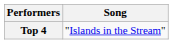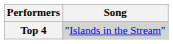 <table class="wikitable unsortable" style="text-align:center;">
 <tr>
 <th scope="col">Performers</th>
 <th scope="col">Song</th>
 </tr>
 <tr>
 <th scope="row">Top 4</th>
-<td>"<a href='#'>Islands in the Stream</a>"</td>
+<td style="background: lightgrey;">"<a href='#'>Islands in the Stream</a>"</td>
 </tr>
 </table>
